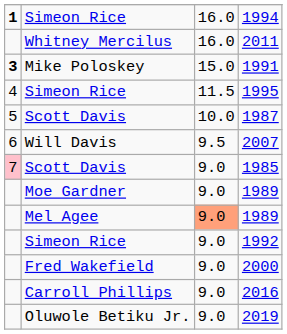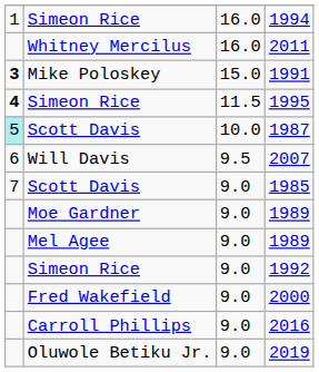 <table class="wikitable">
 <tr>
 </tr>
 <tr>
-<td><strong>1</strong></td>
+<td>1</td>
 <td><a href='#'>Simeon Rice</a></td>
 <td>16.0</td>
 <td><a href='#'>1994</a></td>
 </tr>
 <tr>
 <td></td>
 <td><a href='#'>Whitney Mercilus</a></td>
 <td>16.0</td>
 <td><a href='#'>2011</a></td>
 </tr>
 <tr>
 <td><strong>3</strong></td>
 <td>Mike Poloskey</td>
 <td>15.0</td>
 <td><a href='#'>1991</a></td>
 </tr>
 <tr>
-<td>4</td>
+<td><strong>4</strong></td>
 <td><a href='#'>Simeon Rice</a></td>
 <td>11.5</td>
 <td><a href='#'>1995</a></td>
 </tr>
 <tr>
-<td>5</td>
+<td style="background: paleturquoise;">5</td>
 <td><a href='#'>Scott Davis</a></td>
 <td>10.0</td>
 <td><a href='#'>1987</a></td>
 </tr>
 <tr>
 <td>6</td>
 <td>Will Davis</td>
 <td>9.5</td>
 <td><a href='#'>2007</a></td>
 </tr>
 <tr>
-<td style="background: pink;">7</td>
+<td>7</td>
 <td><a href='#'>Scott Davis</a></td>
 <td>9.0</td>
 <td><a href='#'>1985</a></td>
 </tr>
 <tr>
 <td></td>
 <td><a href='#'>Moe Gardner</a></td>
 <td>9.0</td>
 <td><a href='#'>1989</a></td>
 </tr>
 <tr>
 <td></td>
 <td><a href='#'>Mel Agee</a></td>
-<td style="background: lightsalmon;">9.0</td>
+<td>9.0</td>
 <td><a href='#'>1989</a></td>
 </tr>
 <tr>
 <td></td>
 <td><a href='#'>Simeon Rice</a></td>
 <td>9.0</td>
 <td><a href='#'>1992</a></td>
 </tr>
 <tr>
 <td></td>
 <td><a href='#'>Fred Wakefield</a></td>
 <td>9.0</td>
 <td><a href='#'>2000</a></td>
 </tr>
 <tr>
 <td></td>
 <td><a href='#'>Carroll Phillips</a></td>
 <td>9.0</td>
 <td><a href='#'>2016</a></td>
 </tr>
 <tr>
 <td></td>
 <td>Oluwole Betiku Jr.</td>
 <td>9.0</td>
 <td><a href='#'>2019</a></td>
 </tr>
 </table>
